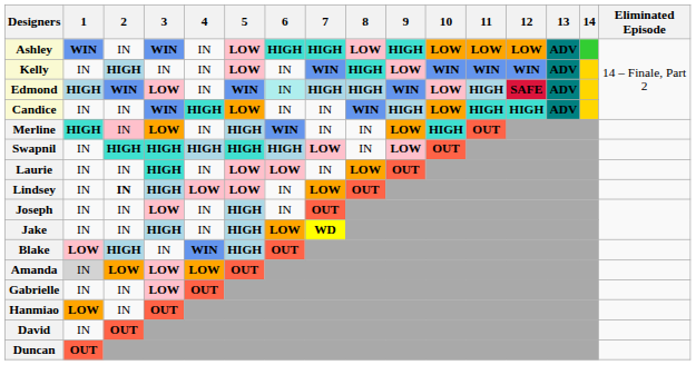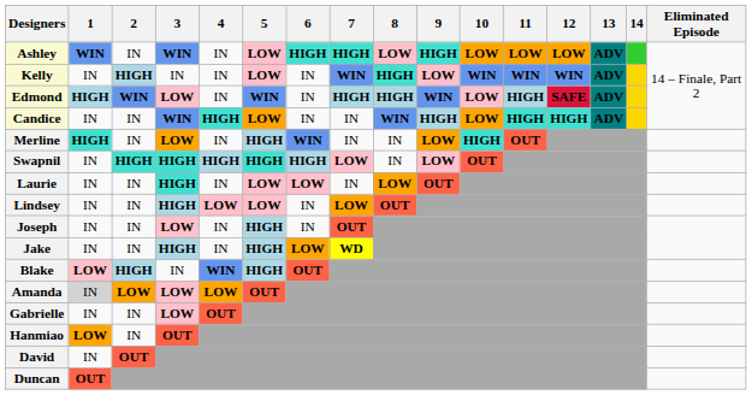 <table class="wikitable" style="text-align:center">
 <tr>
 <th>Designers</th>
 <th>1</th>
 <th>2</th>
 <th>3</th>
 <th>4</th>
 <th>5</th>
 <th>6</th>
 <th>7</th>
 <th>8</th>
 <th>9</th>
 <th>10</th>
 <th>11</th>
 <th>12</th>
 <th>13</th>
 <th>14</th>
 <th>Eliminated Episode</th>
 </tr>
 <tr>
 <th style="background:#FAFAD2;">Ashley</th>
 <td style="background:cornflowerblue;"><strong>WIN</strong></td>
 <td>IN</td>
 <td style="background:cornflowerblue;"><strong>WIN</strong></td>
 <td>IN</td>
 <td style="background:pink;"><strong>LOW</strong></td>
 <td style="background:turquoise;"><strong>HIGH</strong></td>
 <td style="background:turquoise;"><strong>HIGH</strong></td>
 <td style="background:pink;"><strong>LOW</strong></td>
 <td style="background:turquoise;"><strong>HIGH</strong></td>
 <td style="background:orange;"><strong>LOW</strong></td>
 <td style="background:orange;"><strong>LOW</strong></td>
 <td style="background:orange;"><strong>LOW</strong></td>
 <td style="background:teal;"><strong>ADV</strong></td>
 <td style="background:Limegreen;"></td>
 <td rowspan="4">14 – Finale, Part 2</td>
 </tr>
 <tr>
 <th style="background:#FAFAD2;">Kelly</th>
 <td>IN</td>
 <td style="background:lightblue;"><strong>HIGH</strong></td>
 <td>IN</td>
 <td>IN</td>
 <td style="background:pink;"><strong>LOW</strong></td>
 <td>IN</td>
 <td style="background:cornflowerblue;"><strong>WIN</strong></td>
 <td style="background:turquoise;"><strong>HIGH</strong></td>
 <td style="background:pink;"><strong>LOW</strong></td>
 <td style="background:cornflowerblue;"><strong>WIN</strong></td>
 <td style="background:cornflowerblue;"><strong>WIN</strong></td>
 <td style="background:cornflowerblue;"><strong>WIN</strong></td>
 <td style="background:teal;"><strong>ADV</strong></td>
 <td style="background:gold;"></td>
 </tr>
 <tr>
 <th style="background:#FAFAD2;">Edmond</th>
 <td style="background:lightblue;"><strong>HIGH</strong></td>
 <td style="background:cornflowerblue;"><strong>WIN</strong></td>
 <td style="background:pink;"><strong>LOW</strong></td>
 <td>IN</td>
 <td style="background:cornflowerblue;"><strong>WIN</strong></td>
-<td style="background: paleturquoise;">IN</td>
+<td>IN</td>
 <td style="background:lightblue;"><strong>HIGH</strong></td>
 <td style="background:lightblue;"><strong>HIGH</strong></td>
 <td style="background:cornflowerblue;"><strong>WIN</strong></td>
 <td style="background:pink;"><strong>LOW</strong></td>
 <td style="background:lightblue;"><strong>HIGH</strong></td>
 <td style="background:crimson;"><strong>SAFE</strong></td>
 <td style="background:teal;"><strong>ADV</strong></td>
 <td style="background:gold;"></td>
 </tr>
 <tr>
 <th style="background:#FAFAD2;">Candice</th>
 <td>IN</td>
 <td>IN</td>
 <td style="background:cornflowerblue;"><strong>WIN</strong></td>
 <td style="background:turquoise;"><strong>HIGH</strong></td>
 <td style="background:orange;"><strong>LOW</strong></td>
 <td>IN</td>
 <td>IN</td>
 <td style="background:cornflowerblue;"><strong>WIN</strong></td>
 <td style="background:lightblue;"><strong>HIGH</strong></td>
 <td style="background:orange;"><strong>LOW</strong></td>
 <td style="background:turquoise;"><strong>HIGH</strong></td>
 <td style="background:turquoise;"><strong>HIGH</strong></td>
 <td style="background:teal;"><strong>ADV</strong></td>
 <td style="background:gold;"></td>
 </tr>
 <tr>
 <th>Merline</th>
 <td style="background:turquoise;"><strong>HIGH</strong></td>
-<td style="background: pink;">IN</td>
+<td>IN</td>
 <td style="background:orange;"><strong>LOW</strong></td>
 <td>IN</td>
 <td style="background:lightblue;"><strong>HIGH</strong></td>
 <td style="background:cornflowerblue;"><strong>WIN</strong></td>
 <td>IN</td>
 <td>IN</td>
 <td style="background:orange;"><strong>LOW</strong></td>
 <td style="background:turquoise;"><strong>HIGH</strong></td>
 <td style="background:tomato;"><strong>OUT</strong></td>
 <td style="background:darkgray;" colspan="3"></td>
 <td></td>
 </tr>
 <tr>
 <th>Swapnil</th>
 <td>IN</td>
 <td style="background:turquoise;"><strong>HIGH</strong></td>
 <td style="background:turquoise;"><strong>HIGH</strong></td>
 <td style="background:lightblue;"><strong>HIGH</strong></td>
 <td style="background:turquoise;"><strong>HIGH</strong></td>
 <td style="background:lightblue;"><strong>HIGH</strong></td>
 <td style="background:pink;"><strong>LOW</strong></td>
 <td>IN</td>
 <td style="background:pink;"><strong>LOW</strong></td>
 <td style="background:tomato;"><strong>OUT</strong></td>
 <td style="background:darkgray;" colspan="4"></td>
 <td></td>
 </tr>
 <tr>
 <th>Laurie</th>
 <td>IN</td>
 <td>IN</td>
 <td style="background:turquoise;"><strong>HIGH</strong></td>
 <td>IN</td>
 <td style="background:pink;"><strong>LOW</strong></td>
 <td style="background:pink;"><strong>LOW</strong></td>
 <td>IN</td>
 <td style="background:orange;"><strong>LOW</strong></td>
 <td style="background:tomato;"><strong>OUT</strong></td>
 <td style="background:darkgray;" colspan="5"></td>
 <td></td>
 </tr>
 <tr>
 <th>Lindsey</th>
 <td>IN</td>
-<td><strong>IN</strong></td>
+<td>IN</td>
 <td style="background:lightblue;"><strong>HIGH</strong></td>
 <td style="background:pink;"><strong>LOW</strong></td>
 <td style="background:pink;"><strong>LOW</strong></td>
 <td>IN</td>
 <td style="background:orange;"><strong>LOW</strong></td>
 <td style="background:tomato;"><strong>OUT</strong></td>
 <td style="background:darkgray;" colspan="6"></td>
 <td></td>
 </tr>
 <tr>
 <th>Joseph</th>
 <td>IN</td>
 <td>IN</td>
 <td style="background:pink;"><strong>LOW</strong></td>
 <td>IN</td>
 <td style="background:lightblue;"><strong>HIGH</strong></td>
 <td>IN</td>
 <td style="background:tomato;"><strong>OUT</strong></td>
 <td style="background:darkgray;" colspan="7"></td>
 <td rowspan="2"></td>
 </tr>
 <tr>
 <th>Jake</th>
 <td>IN</td>
 <td>IN</td>
 <td style="background:lightblue;"><strong>HIGH</strong></td>
 <td>IN</td>
 <td style="background:lightblue;"><strong>HIGH</strong></td>
 <td style="background:orange;"><strong>LOW</strong></td>
 <td style="background:yellow;"><strong>WD</strong></td>
 <td style="background:darkgray;" colspan="7"></td>
 </tr>
 <tr>
 <th>Blake</th>
 <td style="background:pink;"><strong>LOW</strong></td>
 <td style="background:lightblue;"><strong>HIGH</strong></td>
 <td>IN</td>
 <td style="background:cornflowerblue;"><strong>WIN</strong></td>
 <td style="background:lightblue;"><strong>HIGH</strong></td>
 <td style="background:tomato;"><strong>OUT</strong></td>
 <td style="background:darkgray;" colspan="8"></td>
 <td></td>
 </tr>
 <tr>
 <th>Amanda</th>
 <td style="background: lightgrey;">IN</td>
 <td style="background:orange;"><strong>LOW</strong></td>
 <td style="background:pink;"><strong>LOW</strong></td>
 <td style="background:orange;"><strong>LOW</strong></td>
 <td style="background:tomato;"><strong>OUT</strong></td>
 <td style="background:darkgray;" colspan="9"></td>
 <td></td>
 </tr>
 <tr>
 <th>Gabrielle</th>
 <td>IN</td>
 <td>IN</td>
 <td style="background:pink;"><strong>LOW</strong></td>
 <td style="background:tomato;"><strong>OUT</strong></td>
 <td style="background:darkgray;" colspan="10"></td>
 <td></td>
 </tr>
 <tr>
 <th>Hanmiao</th>
 <td style="background:orange;"><strong>LOW</strong></td>
 <td>IN</td>
 <td style="background:tomato;"><strong>OUT</strong></td>
 <td style="background:darkgray;" colspan="11"></td>
 <td></td>
 </tr>
 <tr>
 <th>David</th>
 <td>IN</td>
 <td style="background:tomato;"><strong>OUT</strong></td>
 <td style="background:darkgray;" colspan="12"></td>
 <td></td>
 </tr>
 <tr>
 <th>Duncan</th>
 <td style="background:tomato;"><strong>OUT</strong></td>
 <td style="background:darkgray;" colspan="13"></td>
 <td></td>
 </tr>
 </table>
